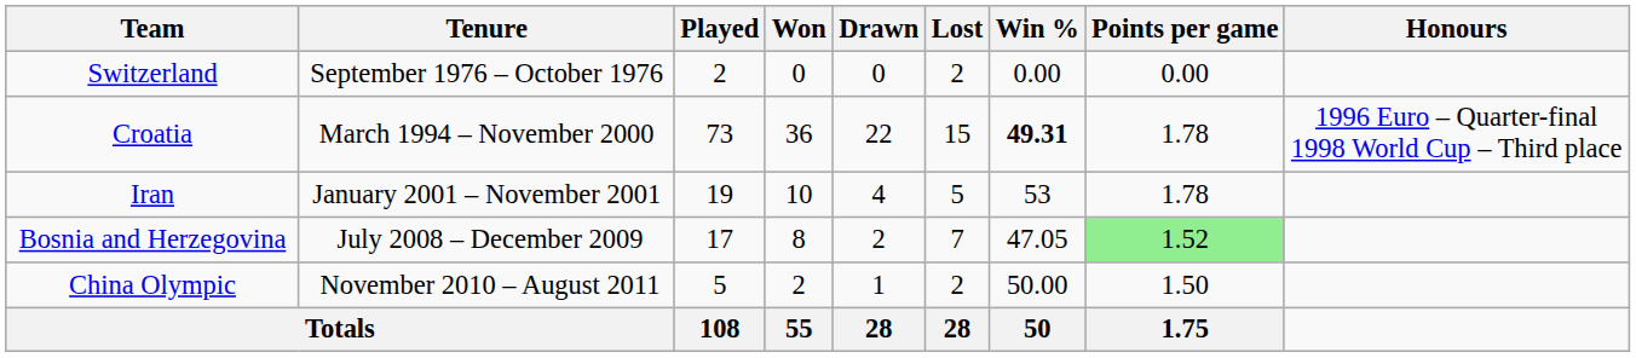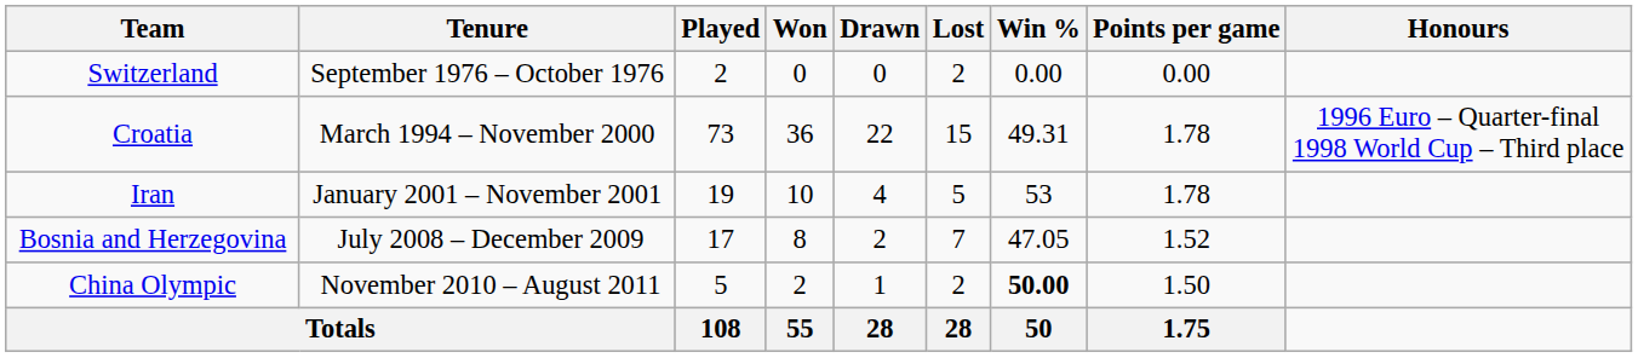 <table class="wikitable sortable" style="text-align: center; font-size: 90%;">
 <tr>
 <th class="unsortable">Team</th>
 <th class="unsortable">Tenure</th>
 <th>Played</th>
 <th>Won</th>
 <th>Drawn</th>
 <th>Lost</th>
 <th>Win %</th>
 <th>Points per game</th>
 <th class="unsortable">Honours</th>
 </tr>
 <tr>
 <td>  <a href='#'>Switzerland</a>  </td>
 <td>September 1976 – October 1976</td>
 <td>2</td>
 <td>0</td>
 <td>0</td>
 <td>2</td>
 <td>0.00</td>
 <td>0.00</td>
 <td></td>
 </tr>
 <tr>
 <td><a href='#'>Croatia</a></td>
 <td>March 1994 – November 2000</td>
 <td>73</td>
 <td>36</td>
 <td>22</td>
 <td>15</td>
-<td><strong>49.31</strong></td>
+<td>49.31</td>
 <td>1.78</td>
 <td><a href='#'>1996 Euro</a> – Quarter-final<br><a href='#'>1998 World Cup</a> – Third place</td>
 </tr>
 <tr>
 <td><a href='#'>Iran</a></td>
 <td> January 2001 – November 2001 </td>
 <td>19</td>
 <td>10</td>
 <td>4</td>
 <td>5</td>
 <td>53</td>
 <td>1.78</td>
 <td></td>
 </tr>
 <tr>
 <td> <a href='#'>Bosnia and Herzegovina</a> </td>
 <td> July 2008 – December 2009</td>
 <td>17</td>
 <td>8</td>
 <td>2</td>
 <td>7</td>
 <td>47.05</td>
-<td style="background: lightgreen;">1.52</td>
+<td>1.52</td>
 <td></td>
 </tr>
 <tr>
 <td> <a href='#'>China Olympic</a> </td>
 <td> November 2010 – August 2011</td>
 <td>5</td>
 <td>2</td>
 <td>1</td>
 <td>2</td>
-<td>50.00</td>
+<td><strong>50.00</strong></td>
 <td>1.50</td>
 <td></td>
 </tr>
 <tr class="sortbottom">
 <th colspan="2">Totals</th>
 <th>108</th>
 <th>55</th>
 <th>28</th>
 <th>28</th>
 <th>50</th>
 <th>1.75</th>
 </tr>
 </table>
